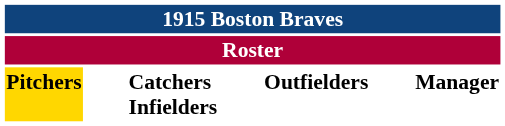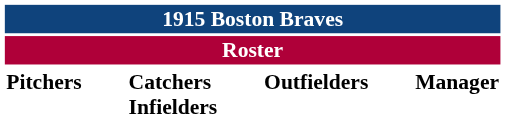 <table class="toccolours" style="font-size: 95%;">
 <tr>
 <th colspan="10" style="background-color: #0f437c; color: white; text-align: center;">1915 Boston Braves</th>
 </tr>
 <tr>
 <td colspan="10" style="background-color: #af0039; color: white; text-align: center;"><strong>Roster</strong></td>
 </tr>
 <tr>
-<td valign="top" style="background: gold;"><strong>Pitchers</strong><br>            </td>
+<td valign="top"><strong>Pitchers</strong><br>            </td>
 <td width="25px"></td>
 <td valign="top"><strong>Catchers</strong><br>    <strong>Infielders</strong>       </td>
 <td width="25px"></td>
 <td valign="top"><strong>Outfielders</strong><br>         </td>
 <td width="25px"></td>
 <td valign="top"><strong>Manager</strong><br></td>
 </tr>
 </table>
